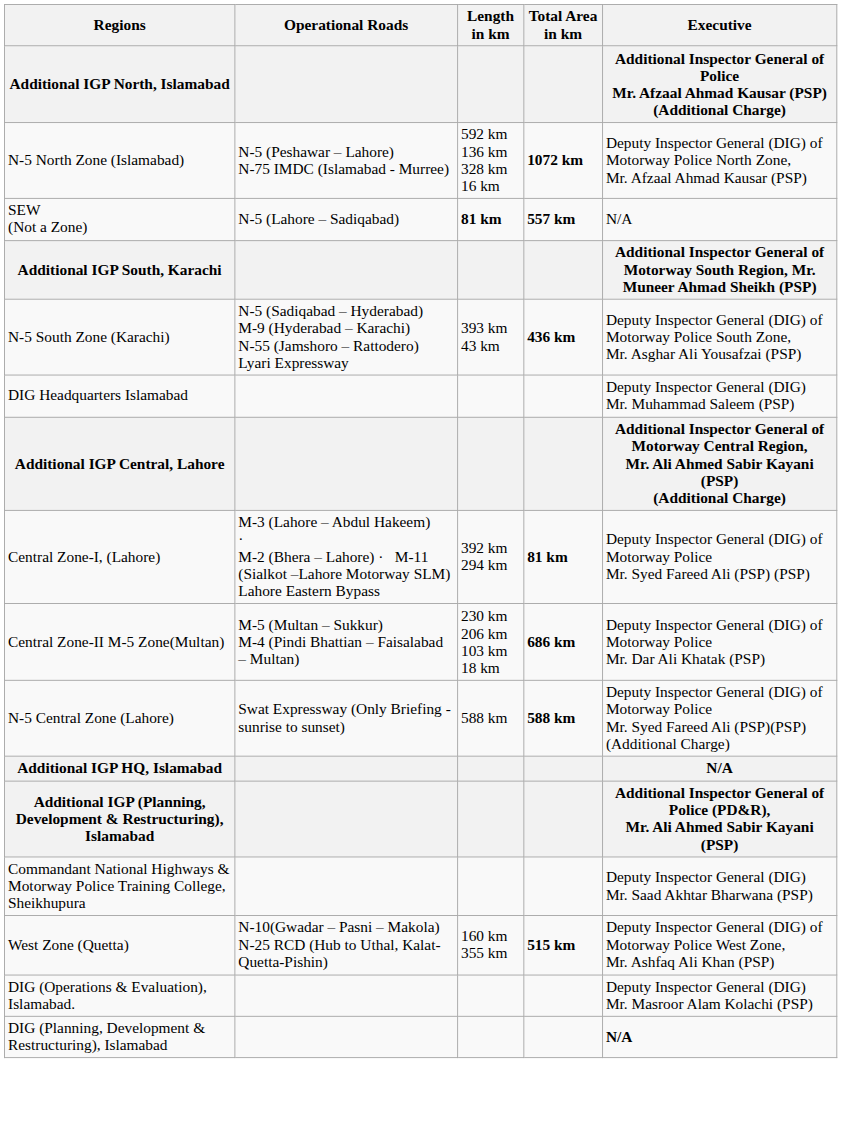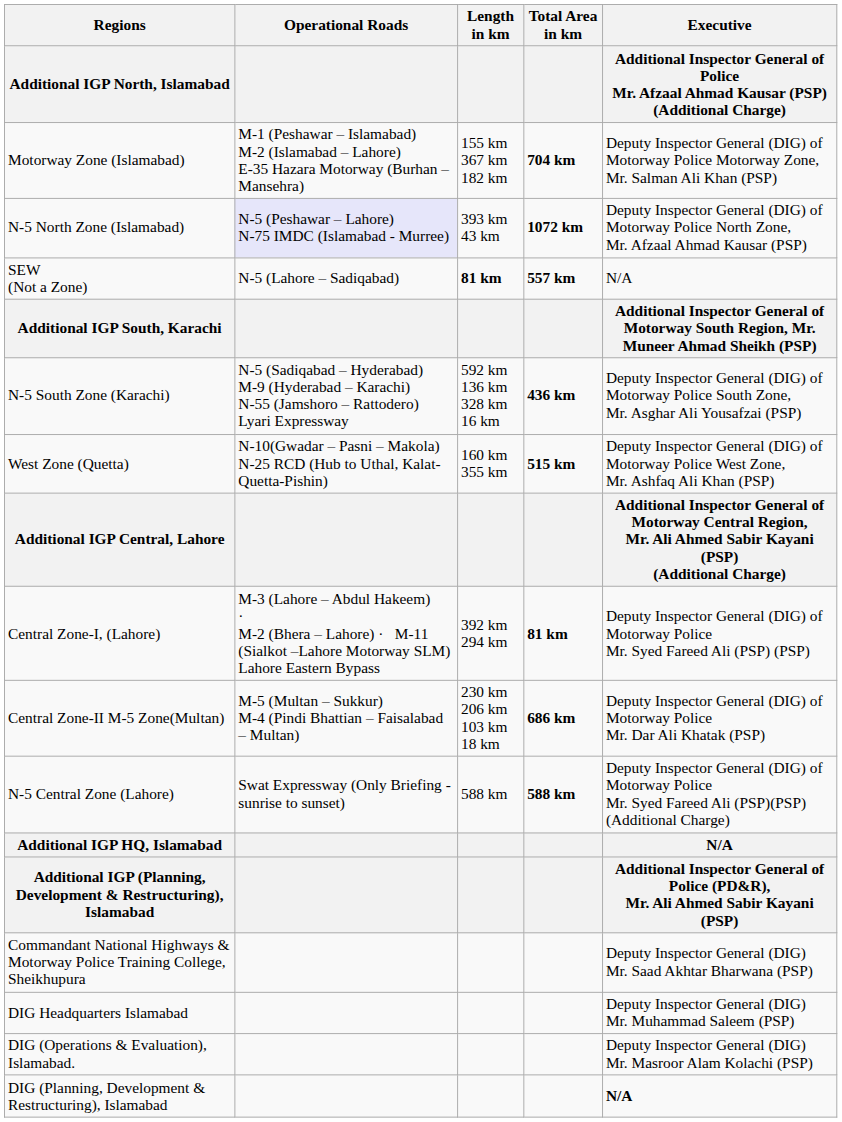 <table class="wikitable">
 <tr>
 <th>Regions</th>
 <th>Operational Roads</th>
 <th>Length in km</th>
 <th>Total Area in km</th>
 <th>Executive</th>
 </tr>
 <tr>
 <th>Additional IGP North, Islamabad</th>
 <th></th>
 <th></th>
 <th></th>
 <th>Additional Inspector General of Police<br>Mr. Afzaal Ahmad Kausar (PSP) (Additional Charge)</th>
 </tr>
 <tr>
+<td>Motorway Zone (Islamabad)</td>
+<td>M-1 (Peshawar – Islamabad)<br>M-2 (Islamabad – Lahore)<br>E-35 Hazara Motorway (Burhan – Mansehra)</td>
+<td>155 km<br>367 km<br>182 km</td>
+<td><strong>704 km</strong></td>
+<td>Deputy Inspector General (DIG) of Motorway Police Motorway Zone,<br>Mr. Salman Ali Khan (PSP)</td>
+</tr>
+<tr>
 <td>N-5 North Zone (Islamabad)</td>
-<td>N-5 (Peshawar – Lahore)<br>N-75 IMDC (Islamabad - Murree)</td>
-<td>592 km<br>136 km<br>328 km<br>16 km</td>
+<td style="background: lavender;">N-5 (Peshawar – Lahore)<br>N-75 IMDC (Islamabad - Murree)</td>
+<td>393 km<br>43 km</td>
 <td><strong>1072 km</strong></td>
 <td>Deputy Inspector General (DIG) of Motorway Police North Zone,<br>Mr. Afzaal Ahmad Kausar (PSP)</td>
 </tr>
 <tr>
 <td>SEW<br>(Not a Zone)</td>
 <td>N-5 (Lahore – Sadiqabad)</td>
 <td><strong>81 km</strong></td>
 <td><strong>557 km</strong></td>
 <td>N/A</td>
 </tr>
 <tr>
 <th>Additional IGP South, Karachi</th>
 <th></th>
 <th></th>
 <th></th>
 <th>Additional Inspector General of Motorway South Region, Mr. Muneer Ahmad Sheikh (PSP)</th>
 </tr>
 <tr>
 <td>N-5 South Zone (Karachi)</td>
 <td>N-5 (Sadiqabad – Hyderabad)<br>M-9 (Hyderabad – Karachi)<br>N-55 (Jamshoro – Rattodero)<br>Lyari Expressway</td>
-<td>393 km<br>43 km</td>
+<td>592 km<br>136 km<br>328 km<br>16 km</td>
 <td><strong>436 km</strong></td>
 <td>Deputy Inspector General (DIG) of Motorway Police South Zone,<br>Mr. Asghar Ali Yousafzai (PSP)</td>
 </tr>
 <tr>
-<td>DIG Headquarters Islamabad</td>
-<td></td>
-<td></td>
-<td></td>
-<td>Deputy Inspector General (DIG)<br>Mr. Muhammad Saleem (PSP)</td>
+<td>West Zone (Quetta)</td>
+<td>N-10(Gwadar – Pasni – Makola)<br>N-25 RCD (Hub to Uthal, Kalat-Quetta-Pishin)</td>
+<td>160 km<br>355 km</td>
+<td><strong>515 km</strong></td>
+<td>Deputy Inspector General (DIG) of Motorway Police West Zone,<br>Mr. Ashfaq Ali Khan (PSP)</td>
 </tr>
 <tr>
 <th>Additional IGP Central, Lahore</th>
 <th></th>
 <th></th>
 <th></th>
 <th>Additional Inspector General of Motorway Central Region,<br>Mr. Ali Ahmed Sabir Kayani (PSP)<br>(Additional Charge)</th>
 </tr>
 <tr>
 <td>Central Zone-I, (Lahore)</td>
 <td>M-3 (Lahore – Abdul Hakeem)<br>·  <br>M-2 (Bhera – Lahore) ·    M-11 (Sialkot –Lahore Motorway SLM) Lahore Eastern Bypass</td>
 <td>392 km<br>294 km</td>
 <td><strong>81 km</strong></td>
 <td>Deputy Inspector General (DIG) of Motorway Police<br>Mr. Syed Fareed Ali (PSP) (PSP)</td>
 </tr>
 <tr>
 <td>Central Zone-II M-5 Zone(Multan)</td>
 <td>M-5 (Multan – Sukkur)<br>M-4 (Pindi Bhattian – Faisalabad – Multan)</td>
 <td>230 km<br>206 km<br>103 km 18 km</td>
 <td><strong>686 km</strong></td>
 <td>Deputy Inspector General (DIG) of Motorway Police<br>Mr. Dar Ali Khatak (PSP)</td>
 </tr>
 <tr>
 <td>N-5 Central Zone (Lahore)</td>
 <td>Swat Expressway (Only Briefing - sunrise to sunset)</td>
 <td>588 km</td>
 <td><strong>588 km</strong></td>
 <td>Deputy Inspector General (DIG) of Motorway Police<br>Mr. Syed Fareed Ali (PSP)(PSP)<br>(Additional Charge)</td>
 </tr>
 <tr>
 <th>Additional IGP HQ, Islamabad</th>
 <th></th>
 <th></th>
 <th></th>
 <th>N/A</th>
 </tr>
 <tr>
 <th>Additional IGP (Planning, Development & Restructuring), Islamabad</th>
 <th></th>
 <th></th>
 <th></th>
 <th>Additional Inspector General of Police (PD&R),<br>Mr. Ali Ahmed Sabir Kayani (PSP)</th>
 </tr>
 <tr>
 <td>Commandant National Highways & Motorway Police Training College, Sheikhupura</td>
 <td></td>
 <td></td>
 <td></td>
 <td>Deputy Inspector General (DIG)<br>Mr. Saad Akhtar Bharwana (PSP)</td>
 </tr>
 <tr>
-<td>West Zone (Quetta)</td>
-<td>N-10(Gwadar – Pasni – Makola)<br>N-25 RCD (Hub to Uthal, Kalat-Quetta-Pishin)</td>
-<td>160 km<br>355 km</td>
-<td><strong>515 km</strong></td>
-<td>Deputy Inspector General (DIG) of Motorway Police West Zone,<br>Mr. Ashfaq Ali Khan (PSP)</td>
+<td>DIG Headquarters Islamabad</td>
+<td></td>
+<td></td>
+<td></td>
+<td>Deputy Inspector General (DIG)<br>Mr. Muhammad Saleem (PSP)</td>
 </tr>
 <tr>
 <td>DIG (Operations & Evaluation), Islamabad.</td>
 <td></td>
 <td></td>
 <td></td>
 <td>Deputy Inspector General (DIG)<br>Mr. Masroor Alam Kolachi (PSP)</td>
 </tr>
 <tr>
 <td>DIG (Planning, Development & Restructuring), Islamabad</td>
 <td></td>
 <td></td>
 <td></td>
 <td><strong>N/A</strong></td>
 </tr>
 </table>
